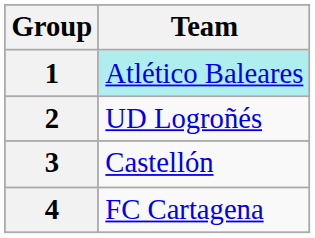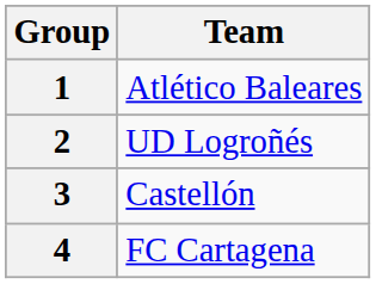 <table class="wikitable">
 <tr>
 <th>Group</th>
 <th>Team</th>
 </tr>
 <tr>
 <th>1</th>
-<td style="background: paleturquoise;"><a href='#'>Atlético Baleares</a></td>
+<td><a href='#'>Atlético Baleares</a></td>
 </tr>
 <tr>
 <th>2</th>
 <td><a href='#'>UD Logroñés</a></td>
 </tr>
 <tr>
 <th>3</th>
 <td><a href='#'>Castellón</a></td>
 </tr>
 <tr>
 <th>4</th>
 <td><a href='#'>FC Cartagena</a></td>
 </tr>
 </table>
